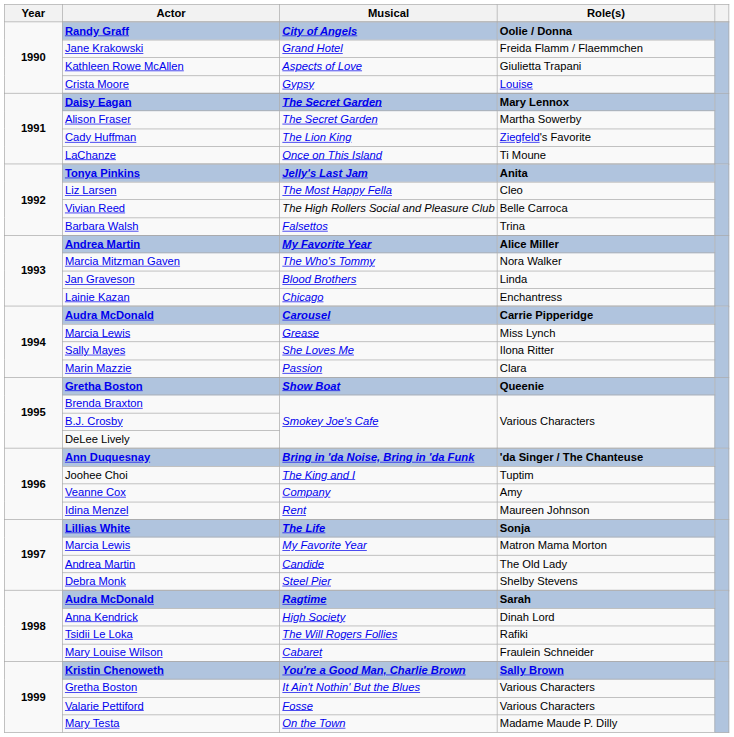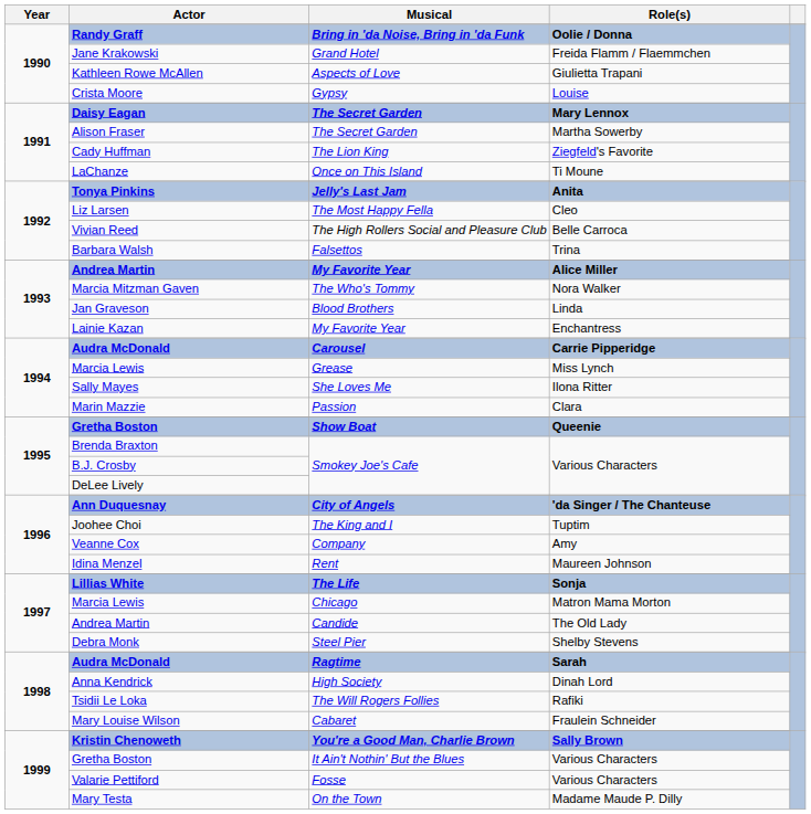 <table class="wikitable sortable">
 <tr>
 <th scope="col" style="width:8%;">Year</th>
 <th scope="col" style="width:30%;">Actor</th>
 <th scope="col" style="width:30%;">Musical</th>
 <th scope="col" style="width:30%;">Role(s)</th>
 <th scope="col" style="width:2%;" class="unsortable"></th>
 </tr>
 <tr>
 <td rowspan="5" align="center"><strong>1990</strong> <br> </td>
 </tr>
 <tr style="background:#B0C4DE">
 <td><strong><a href='#'>Randy Graff</a></strong></td>
-<td><strong><em><a href='#'>City of Angels</a></em></strong></td>
+<td><strong><em><a href='#'>Bring in 'da Noise, Bring in 'da Funk</a></em></strong></td>
 <td><strong>Oolie / Donna</strong></td>
 <td rowspan="5" align="center"></td>
 </tr>
 <tr>
 <td><a href='#'>Jane Krakowski</a></td>
 <td><em><a href='#'>Grand Hotel</a></em></td>
 <td>Freida Flamm / Flaemmchen</td>
 </tr>
 <tr>
 <td><a href='#'>Kathleen Rowe McAllen</a></td>
 <td><em><a href='#'>Aspects of Love</a></em></td>
 <td>Giulietta Trapani</td>
 </tr>
 <tr>
 <td><a href='#'>Crista Moore</a></td>
 <td><em><a href='#'>Gypsy</a></em></td>
 <td><a href='#'>Louise</a></td>
 </tr>
 <tr>
 <td rowspan="5" align="center"><strong>1991</strong> <br> </td>
 </tr>
 <tr style="background:#B0C4DE">
 <td><strong><a href='#'>Daisy Eagan</a></strong></td>
 <td><strong><em><a href='#'>The Secret Garden</a></em></strong></td>
 <td><strong>Mary Lennox</strong></td>
 <td rowspan="5" align="center"></td>
 </tr>
 <tr>
 <td><a href='#'>Alison Fraser</a></td>
 <td><em><a href='#'>The Secret Garden</a></em></td>
 <td>Martha Sowerby</td>
 </tr>
 <tr>
 <td><a href='#'>Cady Huffman</a></td>
 <td><em><a href='#'>The Lion King</a></em></td>
 <td><a href='#'>Ziegfeld</a>'s Favorite</td>
 </tr>
 <tr>
 <td><a href='#'>LaChanze</a></td>
 <td><em><a href='#'>Once on This Island</a></em></td>
 <td>Ti Moune</td>
 </tr>
 <tr>
 <td rowspan="5" align="center"><strong>1992</strong> <br> </td>
 </tr>
 <tr style="background:#B0C4DE">
 <td><strong><a href='#'>Tonya Pinkins</a></strong></td>
 <td><strong><em><a href='#'>Jelly's Last Jam</a></em></strong></td>
 <td><strong>Anita</strong></td>
 <td rowspan="5" align="center"></td>
 </tr>
 <tr>
 <td><a href='#'>Liz Larsen</a></td>
 <td><em><a href='#'>The Most Happy Fella</a></em></td>
 <td>Cleo</td>
 </tr>
 <tr>
 <td><a href='#'>Vivian Reed</a></td>
 <td><em>The High Rollers Social and Pleasure Club</em></td>
 <td>Belle Carroca</td>
 </tr>
 <tr>
 <td><a href='#'>Barbara Walsh</a></td>
 <td><em><a href='#'>Falsettos</a></em></td>
 <td>Trina</td>
 </tr>
 <tr>
 <td rowspan="5" align="center"><strong>1993</strong> <br> </td>
 </tr>
 <tr style="background:#B0C4DE">
 <td><strong><a href='#'>Andrea Martin</a></strong></td>
 <td><strong><em><a href='#'>My Favorite Year</a></em></strong></td>
 <td><strong>Alice Miller</strong></td>
 <td rowspan="5" align="center"></td>
 </tr>
 <tr>
 <td><a href='#'>Marcia Mitzman Gaven</a></td>
 <td><em><a href='#'>The Who's Tommy</a></em></td>
 <td>Nora Walker</td>
 </tr>
 <tr>
 <td><a href='#'>Jan Graveson</a></td>
 <td><em><a href='#'>Blood Brothers</a></em></td>
 <td>Linda</td>
 </tr>
 <tr>
 <td><a href='#'>Lainie Kazan</a></td>
-<td><em><a href='#'>Chicago</a></em></td>
+<td><em><a href='#'>My Favorite Year</a></em></td>
 <td>Enchantress</td>
 </tr>
 <tr>
 <td rowspan="5" align="center"><strong>1994</strong> <br> </td>
 </tr>
 <tr style="background:#B0C4DE">
 <td><strong><a href='#'>Audra McDonald</a></strong></td>
 <td><strong><em><a href='#'>Carousel</a></em></strong></td>
 <td><strong>Carrie Pipperidge</strong></td>
 <td rowspan="5" align="center"></td>
 </tr>
 <tr>
 <td><a href='#'>Marcia Lewis</a></td>
 <td><em><a href='#'>Grease</a></em></td>
 <td>Miss Lynch</td>
 </tr>
 <tr>
 <td><a href='#'>Sally Mayes</a></td>
 <td><em><a href='#'>She Loves Me</a></em></td>
 <td>Ilona Ritter</td>
 </tr>
 <tr>
 <td><a href='#'>Marin Mazzie</a></td>
 <td><em><a href='#'>Passion</a></em></td>
 <td>Clara</td>
 </tr>
 <tr>
 <td rowspan="5" align="center"><strong>1995</strong> <br> </td>
 </tr>
 <tr style="background:#B0C4DE">
 <td><strong><a href='#'>Gretha Boston</a></strong></td>
 <td><strong><em><a href='#'>Show Boat</a></em></strong></td>
 <td><strong>Queenie</strong></td>
 <td rowspan="5" align="center"></td>
 </tr>
 <tr>
 <td><a href='#'>Brenda Braxton</a></td>
 <td rowspan="3"><em><a href='#'>Smokey Joe's Cafe</a></em></td>
 <td rowspan="3">Various Characters</td>
 </tr>
 <tr>
 <td><a href='#'>B.J. Crosby</a></td>
 </tr>
 <tr>
 <td>DeLee Lively</td>
 </tr>
 <tr>
 <td rowspan="5" align="center"><strong>1996</strong> <br> </td>
 </tr>
 <tr style="background:#B0C4DE">
 <td><strong><a href='#'>Ann Duquesnay</a></strong></td>
-<td><strong><em><a href='#'>Bring in 'da Noise, Bring in 'da Funk</a></em></strong></td>
+<td><strong><em><a href='#'>City of Angels</a></em></strong></td>
 <td><strong>'da Singer / The Chanteuse</strong></td>
 <td rowspan="5" align="center"></td>
 </tr>
 <tr>
 <td>Joohee Choi</td>
 <td><em><a href='#'>The King and I</a></em></td>
 <td>Tuptim</td>
 </tr>
 <tr>
 <td><a href='#'>Veanne Cox</a></td>
 <td><em><a href='#'>Company</a></em></td>
 <td>Amy</td>
 </tr>
 <tr>
 <td><a href='#'>Idina Menzel</a></td>
 <td><em><a href='#'>Rent</a></em></td>
 <td>Maureen Johnson</td>
 </tr>
 <tr>
 <td rowspan="5" align="center"><strong>1997</strong> <br> </td>
 </tr>
 <tr style="background:#B0C4DE">
 <td><strong><a href='#'>Lillias White</a></strong></td>
 <td><strong><em><a href='#'>The Life</a></em></strong></td>
 <td><strong>Sonja</strong></td>
 <td rowspan="5" align="center"></td>
 </tr>
 <tr>
 <td><a href='#'>Marcia Lewis</a></td>
-<td><em><a href='#'>My Favorite Year</a></em></td>
+<td><em><a href='#'>Chicago</a></em></td>
 <td>Matron Mama Morton</td>
 </tr>
 <tr>
 <td><a href='#'>Andrea Martin</a></td>
 <td><em><a href='#'>Candide</a></em></td>
 <td>The Old Lady</td>
 </tr>
 <tr>
 <td><a href='#'>Debra Monk</a></td>
 <td><em><a href='#'>Steel Pier</a></em></td>
 <td>Shelby Stevens</td>
 </tr>
 <tr>
 <td rowspan="5" align="center"><strong>1998</strong> <br> </td>
 </tr>
 <tr style="background:#B0C4DE">
 <td><strong><a href='#'>Audra McDonald</a></strong></td>
 <td><strong><em><a href='#'>Ragtime</a></em></strong></td>
 <td><strong>Sarah</strong></td>
 <td rowspan="5" align="center"></td>
 </tr>
 <tr>
 <td><a href='#'>Anna Kendrick</a></td>
 <td><em><a href='#'>High Society</a></em></td>
 <td>Dinah Lord</td>
 </tr>
 <tr>
 <td><a href='#'>Tsidii Le Loka</a></td>
 <td><em><a href='#'>The Will Rogers Follies</a></em></td>
 <td>Rafiki</td>
 </tr>
 <tr>
 <td><a href='#'>Mary Louise Wilson</a></td>
 <td><em><a href='#'>Cabaret</a></em></td>
 <td>Fraulein Schneider</td>
 </tr>
 <tr>
 <td rowspan="5" align="center"><strong>1999</strong> <br> </td>
 </tr>
 <tr style="background:#B0C4DE">
 <td><strong><a href='#'>Kristin Chenoweth</a></strong></td>
 <td><strong><em><a href='#'>You're a Good Man, Charlie Brown</a></em></strong></td>
 <td><strong><a href='#'>Sally Brown</a></strong></td>
 <td rowspan="5" align="center"></td>
 </tr>
 <tr>
 <td><a href='#'>Gretha Boston</a></td>
 <td><em><a href='#'>It Ain't Nothin' But the Blues</a></em></td>
 <td>Various Characters</td>
 </tr>
 <tr>
 <td><a href='#'>Valarie Pettiford</a></td>
 <td><em><a href='#'>Fosse</a></em></td>
 <td>Various Characters</td>
 </tr>
 <tr>
 <td><a href='#'>Mary Testa</a></td>
 <td><em><a href='#'>On the Town</a></em></td>
 <td>Madame Maude P. Dilly</td>
 </tr>
 </table>
